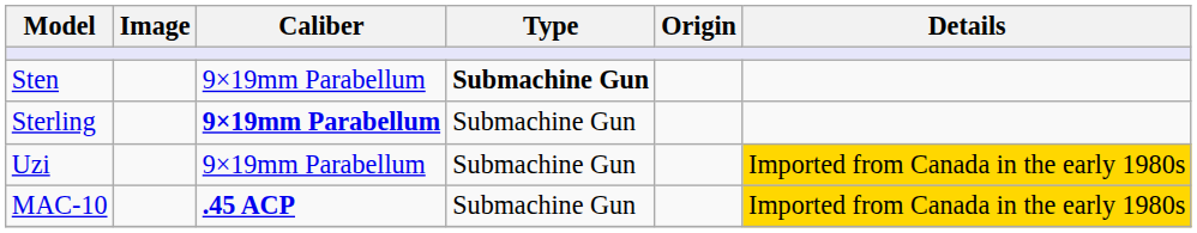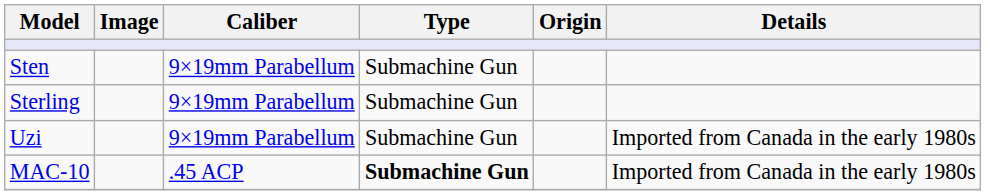 <table class="wikitable">
 <tr>
 <th>Model</th>
 <th>Image</th>
 <th>Caliber</th>
 <th>Type</th>
 <th>Origin</th>
 <th>Details</th>
 </tr>
 <tr>
 <th colspan="7" style="background: lavender;"></th>
 </tr>
 <tr>
 <td><a href='#'>Sten</a></td>
 <td></td>
 <td><a href='#'>9×19mm Parabellum</a></td>
-<td><strong>Submachine Gun</strong></td>
+<td>Submachine Gun</td>
 <td></td>
 <td></td>
 </tr>
 <tr>
 <td><a href='#'>Sterling</a></td>
 <td></td>
-<td><strong><a href='#'>9×19mm Parabellum</a></strong></td>
+<td><a href='#'>9×19mm Parabellum</a></td>
 <td>Submachine Gun</td>
 <td></td>
 <td></td>
 </tr>
 <tr>
 <td><a href='#'>Uzi</a></td>
 <td></td>
 <td><a href='#'>9×19mm Parabellum</a></td>
 <td>Submachine Gun</td>
 <td></td>
-<td style="background: gold;">Imported from Canada in the early 1980s</td>
+<td>Imported from Canada in the early 1980s</td>
 </tr>
 <tr>
 <td><a href='#'>MAC-10</a></td>
 <td></td>
-<td><strong><a href='#'>.45 ACP</a></strong></td>
-<td>Submachine Gun</td>
+<td><a href='#'>.45 ACP</a></td>
+<td><strong>Submachine Gun</strong></td>
 <td></td>
-<td style="background: gold;">Imported from Canada in the early 1980s</td>
+<td>Imported from Canada in the early 1980s</td>
 </tr>
 <tr>
 </tr>
 </table>
